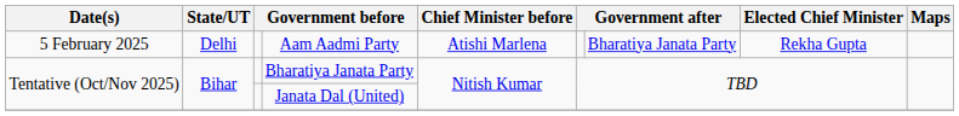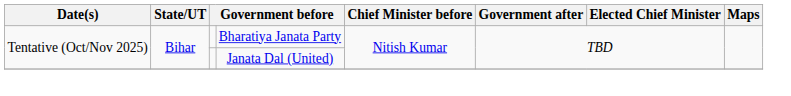 <table class="wikitable" style="text-align:center;">
 <tr>
 <th>Date(s)</th>
 <th>State/UT</th>
 <th colspan="2">Government before</th>
 <th>Chief Minister before</th>
 <th colspan="2">Government after</th>
 <th>Elected Chief Minister</th>
 <th>Maps</th>
-</tr>
-<tr>
-<td>5 February 2025</td>
-<td><a href='#'>Delhi</a></td>
-<td></td>
-<td><a href='#'>Aam Aadmi Party</a></td>
-<td><a href='#'>Atishi Marlena</a></td>
-<td></td>
-<td><a href='#'>Bharatiya Janata Party</a></td>
-<td><a href='#'>Rekha Gupta</a></td>
-<td></td>
 </tr>
 <tr>
 <td rowspan="2">Tentative (Oct/Nov 2025)</td>
 <td rowspan="2"><a href='#'>Bihar</a></td>
 <td></td>
 <td><a href='#'>Bharatiya Janata Party</a></td>
 <td rowspan="2"><a href='#'>Nitish Kumar</a></td>
 <td colspan="3" rowspan="2"><em>TBD</em></td>
 <td rowspan="2"></td>
 </tr>
 <tr>
 <td></td>
 <td><a href='#'>Janata Dal (United)</a></td>
 </tr>
 <tr>
 </tr>
 </table>
